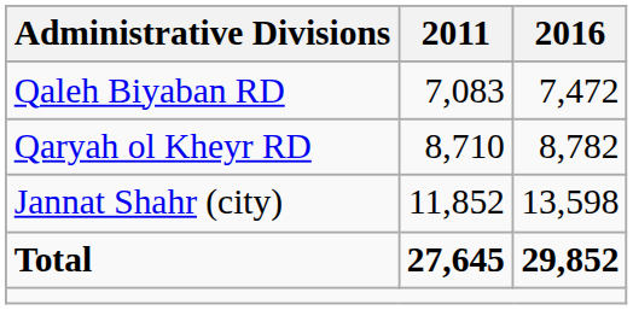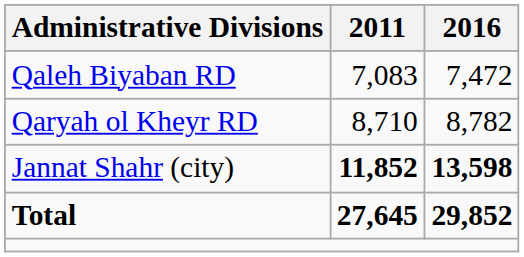 <table class="wikitable">
 <tr>
 <th>Administrative Divisions</th>
 <th>2011</th>
 <th>2016</th>
 </tr>
 <tr>
 <td><a href='#'>Qaleh Biyaban RD</a></td>
 <td style="text-align: right;">7,083</td>
 <td style="text-align: right;">7,472</td>
 </tr>
 <tr>
 <td><a href='#'>Qaryah ol Kheyr RD</a></td>
 <td style="text-align: right;">8,710</td>
 <td style="text-align: right;">8,782</td>
 </tr>
 <tr>
 <td><a href='#'>Jannat Shahr</a> (city)</td>
-<td style="text-align: right;">11,852</td>
-<td style="text-align: right;">13,598</td>
+<td style="text-align: right;"><strong>11,852</strong></td>
+<td style="text-align: right;"><strong>13,598</strong></td>
 </tr>
 <tr>
 <td><strong>Total</strong></td>
 <td style="text-align: right;"><strong>27,645</strong></td>
 <td style="text-align: right;"><strong>29,852</strong></td>
 </tr>
 <tr>
 <td colspan=3></td>
 </tr>
 </table>
